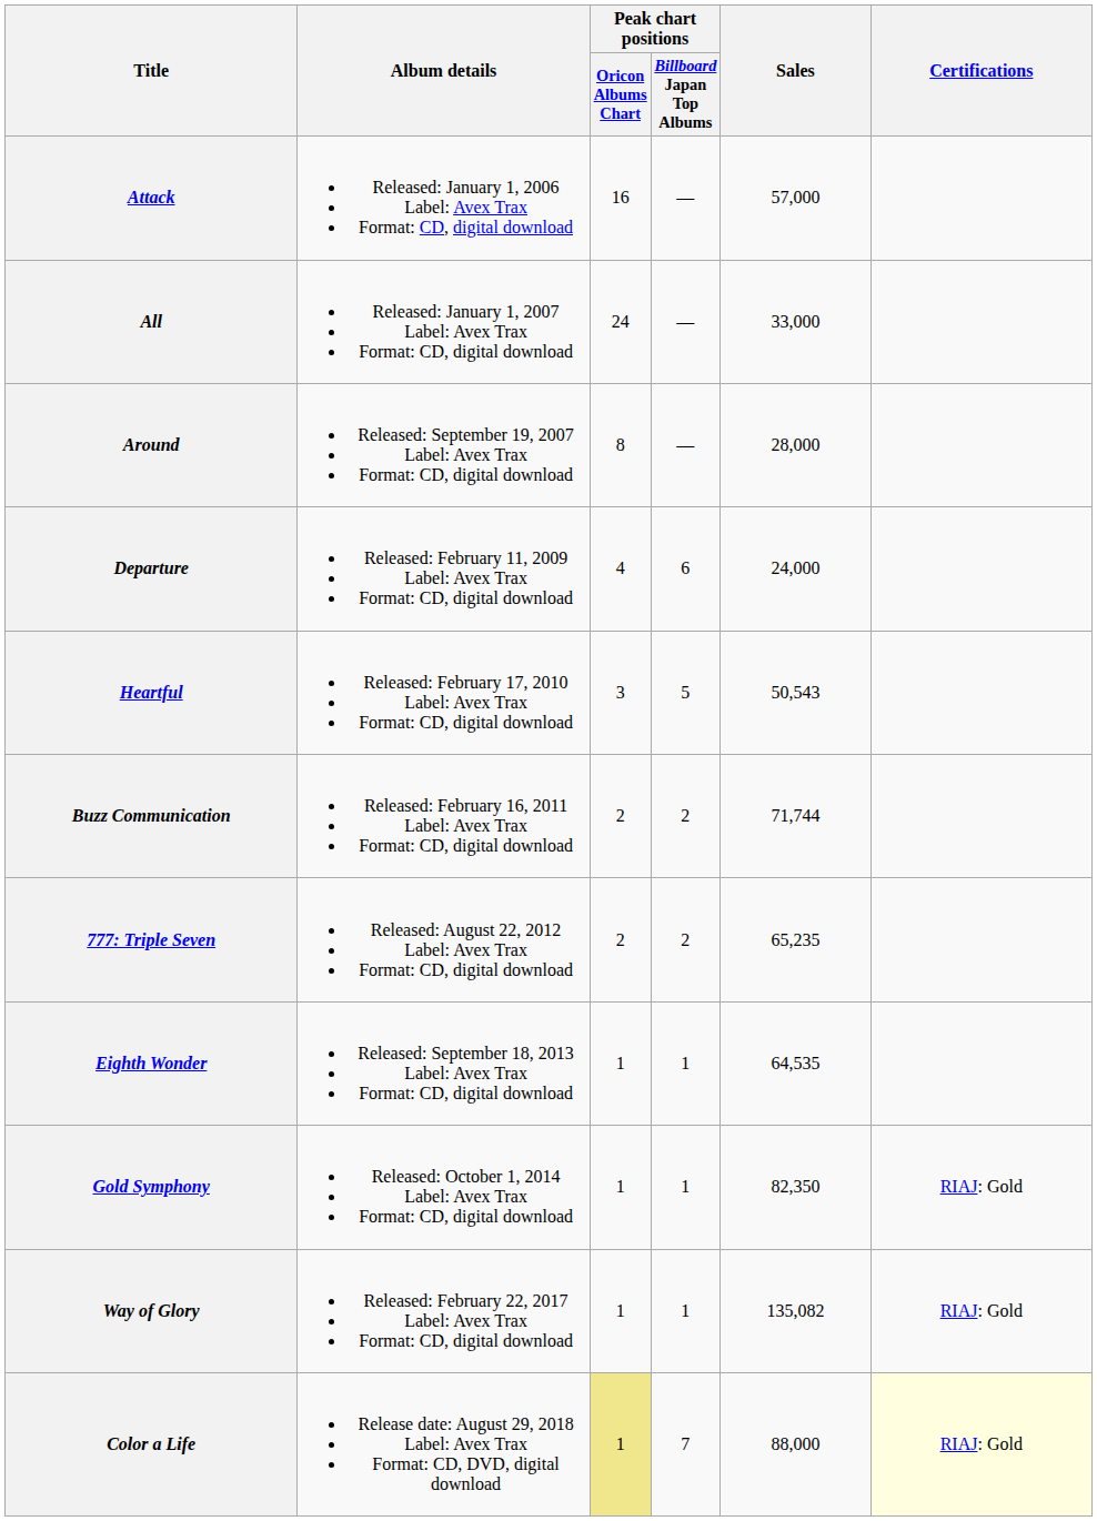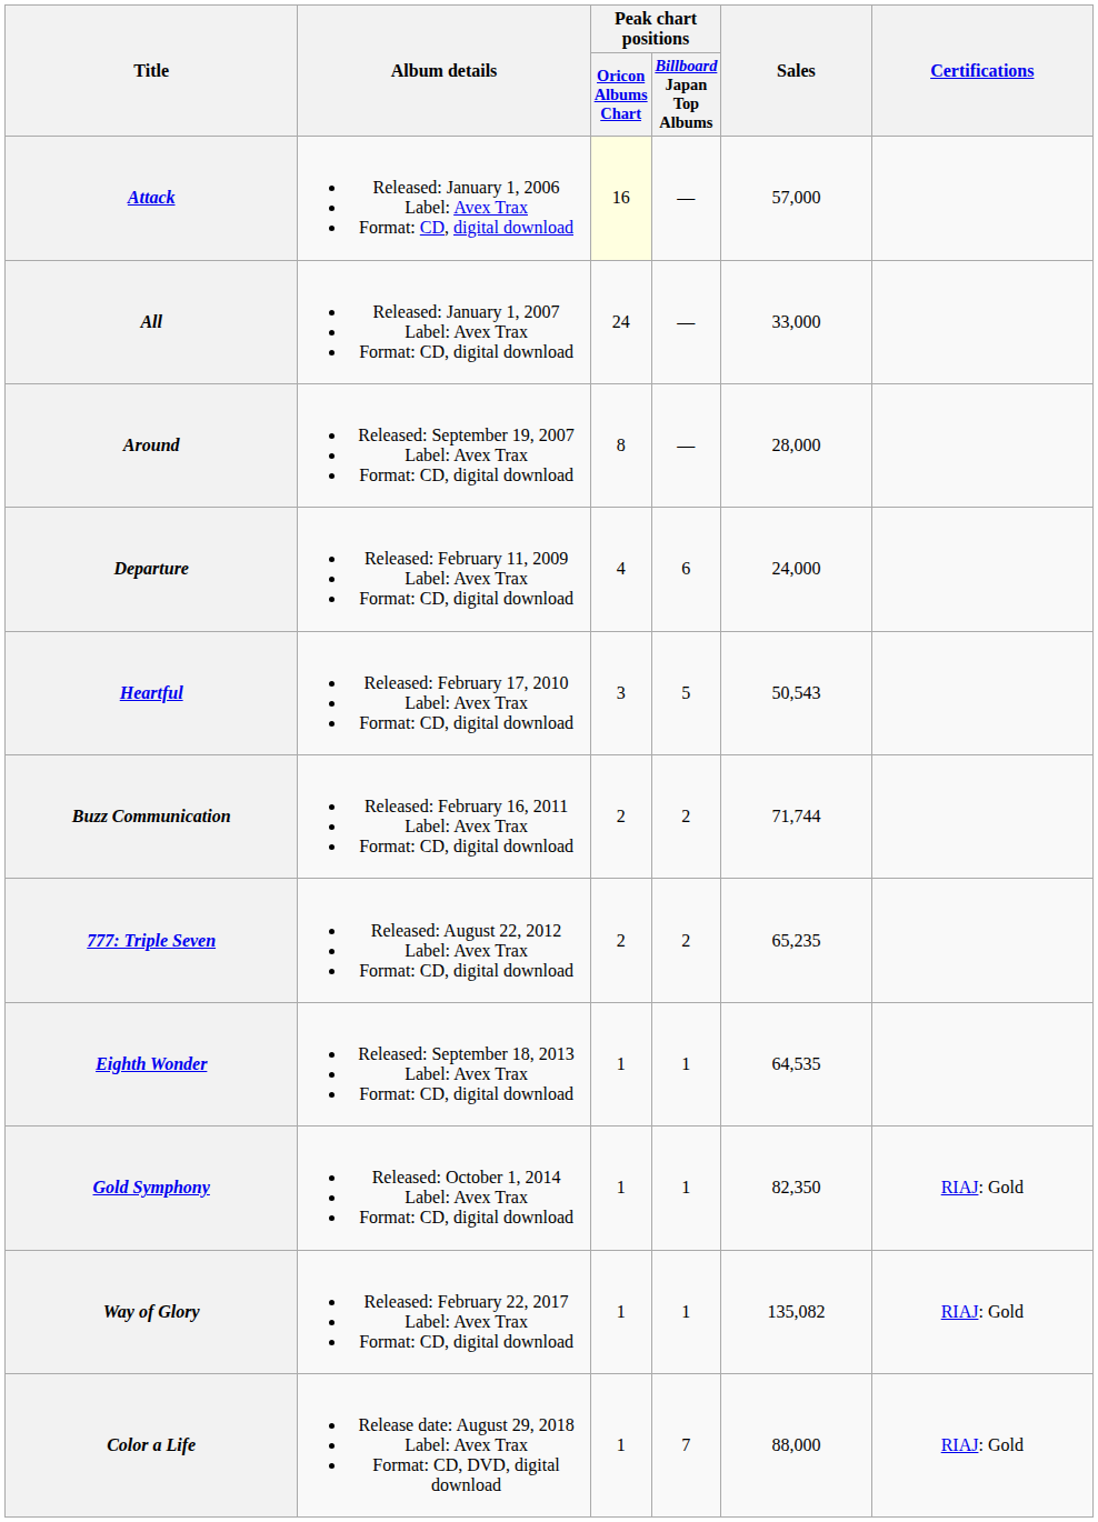 <table class="wikitable plainrowheaders" style="text-align:center;" border="1">
 <tr>
 <th scope="col" rowspan="2" style="width:16em;">Title</th>
 <th scope="col" rowspan="2" style="width:16em;">Album details</th>
 <th scope="col" colspan="2">Peak chart positions</th>
 <th scope="col" rowspan="2" style="width:8em;">Sales</th>
 <th scope="col" rowspan="2" style="width:12em;"><a href='#'>Certifications</a></th>
 </tr>
 <tr>
 <th scope="col" style="width:2.2em;font-size:90%;"><a href='#'>Oricon Albums Chart</a><br></th>
 <th scope="col" style="width:2.2em;font-size:90%;"><em><a href='#'>Billboard</a></em> Japan Top Albums<br></th>
 </tr>
 <tr>
 <th scope="row"><em><a href='#'>Attack</a></em></th>
 <td><br><ul><li>Released: January 1, 2006</li><li>Label: <a href='#'>Avex Trax</a></li><li>Format: <a href='#'>CD</a>, <a href='#'>digital download</a></li></ul></td>
-<td>16</td>
+<td style="background: lightyellow;">16</td>
 <td>—</td>
 <td>57,000</td>
 <td></td>
 </tr>
 <tr>
 <th scope="row"><em>All</em></th>
 <td><br><ul><li>Released: January 1, 2007</li><li>Label: Avex Trax</li><li>Format: CD, digital download</li></ul></td>
 <td>24</td>
 <td>—</td>
 <td>33,000</td>
 <td></td>
 </tr>
 <tr>
 <th scope="row"><em>Around</em></th>
 <td><br><ul><li>Released: September 19, 2007</li><li>Label: Avex Trax</li><li>Format: CD, digital download</li></ul></td>
 <td>8</td>
 <td>—</td>
 <td>28,000</td>
 <td></td>
 </tr>
 <tr>
 <th scope="row"><em>Departure</em></th>
 <td><br><ul><li>Released: February 11, 2009</li><li>Label: Avex Trax</li><li>Format: CD, digital download</li></ul></td>
 <td>4</td>
 <td>6</td>
 <td>24,000</td>
 <td></td>
 </tr>
 <tr>
 <th scope="row"><em><a href='#'>Heartful</a></em></th>
 <td><br><ul><li>Released: February 17, 2010</li><li>Label: Avex Trax</li><li>Format: CD, digital download</li></ul></td>
 <td>3</td>
 <td>5</td>
 <td>50,543</td>
 <td></td>
 </tr>
 <tr>
 <th scope="row"><em>Buzz Communication</em></th>
 <td><br><ul><li>Released: February 16, 2011</li><li>Label: Avex Trax</li><li>Format: CD, digital download</li></ul></td>
 <td>2</td>
 <td>2</td>
 <td>71,744</td>
 <td></td>
 </tr>
 <tr>
 <th scope="row"><em><a href='#'>777: Triple Seven</a></em></th>
 <td><br><ul><li>Released: August 22, 2012</li><li>Label: Avex Trax</li><li>Format: CD, digital download</li></ul></td>
 <td>2</td>
 <td>2</td>
 <td>65,235</td>
 <td></td>
 </tr>
 <tr>
 <th scope="row"><em><a href='#'>Eighth Wonder</a></em></th>
 <td><br><ul><li>Released: September 18, 2013</li><li>Label: Avex Trax</li><li>Format: CD, digital download</li></ul></td>
 <td>1</td>
 <td>1</td>
 <td>64,535</td>
 <td></td>
 </tr>
 <tr>
 <th scope="row"><em><a href='#'>Gold Symphony</a></em></th>
 <td><br><ul><li>Released: October 1, 2014</li><li>Label: Avex Trax</li><li>Format: CD, digital download</li></ul></td>
 <td>1</td>
 <td>1</td>
 <td>82,350</td>
 <td><a href='#'>RIAJ</a>: Gold</td>
 </tr>
 <tr>
 <th scope="row"><em>Way of Glory</em></th>
 <td><br><ul><li>Released: February 22, 2017</li><li>Label: Avex Trax</li><li>Format: CD, digital download</li></ul></td>
 <td>1</td>
 <td>1</td>
 <td>135,082</td>
 <td><a href='#'>RIAJ</a>: Gold</td>
 </tr>
 <tr>
 <th scope="row"><em>Color a Life</em></th>
 <td><br><ul><li>Release date: August 29, 2018</li><li>Label: Avex Trax</li><li>Format: CD, DVD, digital download</li></ul></td>
-<td style="background: khaki;">1</td>
+<td>1</td>
 <td>7</td>
 <td>88,000</td>
-<td style="background: lightyellow;"><a href='#'>RIAJ</a>: Gold</td>
+<td><a href='#'>RIAJ</a>: Gold</td>
 </tr>
 </table>
